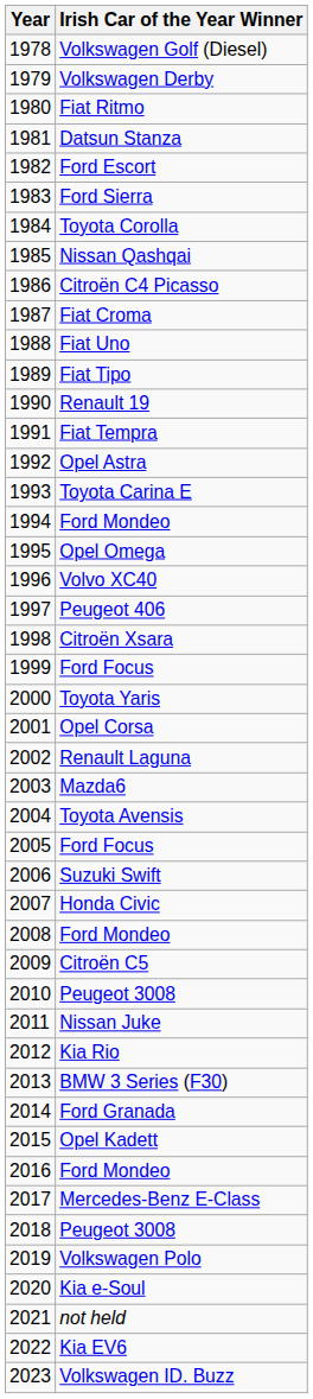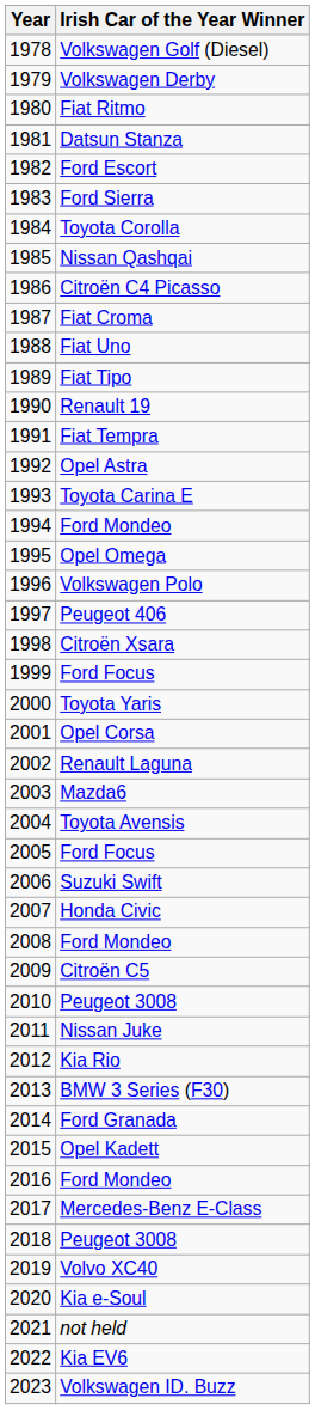 <table class="wikitable sortable">
 <tr>
 <th>Year</th>
 <th>Irish Car of the Year Winner</th>
 </tr>
 <tr>
 <td>1978</td>
 <td><a href='#'>Volkswagen Golf</a> (Diesel)</td>
 </tr>
 <tr>
 <td>1979</td>
 <td><a href='#'>Volkswagen Derby</a></td>
 </tr>
 <tr>
 <td>1980</td>
 <td><a href='#'>Fiat Ritmo</a></td>
 </tr>
 <tr>
 <td>1981</td>
 <td><a href='#'>Datsun Stanza</a></td>
 </tr>
 <tr>
 <td>1982</td>
 <td><a href='#'>Ford Escort</a></td>
 </tr>
 <tr>
 <td>1983</td>
 <td><a href='#'>Ford Sierra</a></td>
 </tr>
 <tr>
 <td>1984</td>
 <td><a href='#'>Toyota Corolla</a></td>
 </tr>
 <tr>
 <td>1985</td>
 <td><a href='#'>Nissan Qashqai</a></td>
 </tr>
 <tr>
 <td>1986</td>
 <td><a href='#'>Citroën C4 Picasso</a></td>
 </tr>
 <tr>
 <td>1987</td>
 <td><a href='#'>Fiat Croma</a></td>
 </tr>
 <tr>
 <td>1988</td>
 <td><a href='#'>Fiat Uno</a></td>
 </tr>
 <tr>
 <td>1989</td>
 <td><a href='#'>Fiat Tipo</a></td>
 </tr>
 <tr>
 <td>1990</td>
 <td><a href='#'>Renault 19</a></td>
 </tr>
 <tr>
 <td>1991</td>
 <td><a href='#'>Fiat Tempra</a></td>
 </tr>
 <tr>
 <td>1992</td>
 <td><a href='#'>Opel Astra</a></td>
 </tr>
 <tr>
 <td>1993</td>
 <td><a href='#'>Toyota Carina E</a></td>
 </tr>
 <tr>
 <td>1994</td>
 <td><a href='#'>Ford Mondeo</a></td>
 </tr>
 <tr>
 <td>1995</td>
 <td><a href='#'>Opel Omega</a></td>
 </tr>
 <tr>
 <td>1996</td>
-<td><a href='#'>Volvo XC40</a></td>
+<td><a href='#'>Volkswagen Polo</a></td>
 </tr>
 <tr>
 <td>1997</td>
 <td><a href='#'>Peugeot 406</a></td>
 </tr>
 <tr>
 <td>1998</td>
 <td><a href='#'>Citroën Xsara</a></td>
 </tr>
 <tr>
 <td>1999</td>
 <td><a href='#'>Ford Focus</a></td>
 </tr>
 <tr>
 <td>2000</td>
 <td><a href='#'>Toyota Yaris</a></td>
 </tr>
 <tr>
 <td>2001</td>
 <td><a href='#'>Opel Corsa</a></td>
 </tr>
 <tr>
 <td>2002</td>
 <td><a href='#'>Renault Laguna</a></td>
 </tr>
 <tr>
 <td>2003</td>
 <td><a href='#'>Mazda6</a></td>
 </tr>
 <tr>
 <td>2004</td>
 <td><a href='#'>Toyota Avensis</a></td>
 </tr>
 <tr>
 <td>2005</td>
 <td><a href='#'>Ford Focus</a></td>
 </tr>
 <tr>
 <td>2006</td>
 <td><a href='#'>Suzuki Swift</a></td>
 </tr>
 <tr>
 <td>2007</td>
 <td><a href='#'>Honda Civic</a></td>
 </tr>
 <tr>
 <td>2008</td>
 <td><a href='#'>Ford Mondeo</a></td>
 </tr>
 <tr>
 <td>2009</td>
 <td><a href='#'>Citroën C5</a></td>
 </tr>
 <tr>
 <td>2010</td>
 <td><a href='#'>Peugeot 3008</a></td>
 </tr>
 <tr>
 <td>2011</td>
 <td><a href='#'>Nissan Juke</a></td>
 </tr>
 <tr>
 <td>2012</td>
 <td><a href='#'>Kia Rio</a></td>
 </tr>
 <tr>
 <td>2013</td>
 <td><a href='#'>BMW 3 Series</a> (<a href='#'>F30</a>) </td>
 </tr>
 <tr>
 <td>2014</td>
 <td><a href='#'>Ford Granada</a></td>
 </tr>
 <tr>
 <td>2015</td>
 <td><a href='#'>Opel Kadett</a></td>
 </tr>
 <tr>
 <td>2016</td>
 <td><a href='#'>Ford Mondeo</a></td>
 </tr>
 <tr>
 <td>2017</td>
 <td><a href='#'>Mercedes-Benz E-Class</a></td>
 </tr>
 <tr>
 <td>2018</td>
 <td><a href='#'>Peugeot 3008</a></td>
 </tr>
 <tr>
 <td>2019</td>
-<td><a href='#'>Volkswagen Polo</a></td>
+<td><a href='#'>Volvo XC40</a></td>
 </tr>
 <tr>
 <td>2020</td>
 <td><a href='#'>Kia e-Soul</a></td>
 </tr>
 <tr>
 <td>2021</td>
 <td><em>not held</em></td>
 </tr>
 <tr>
 <td>2022</td>
 <td><a href='#'>Kia EV6</a></td>
 </tr>
 <tr>
 <td>2023</td>
 <td><a href='#'>Volkswagen ID. Buzz</a></td>
 </tr>
 </table>
